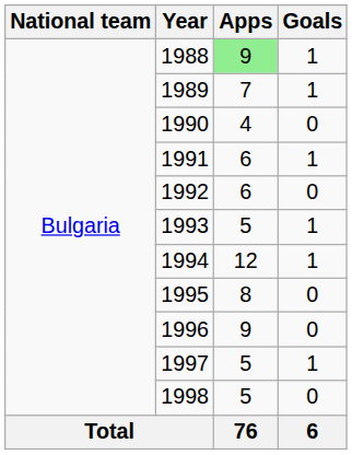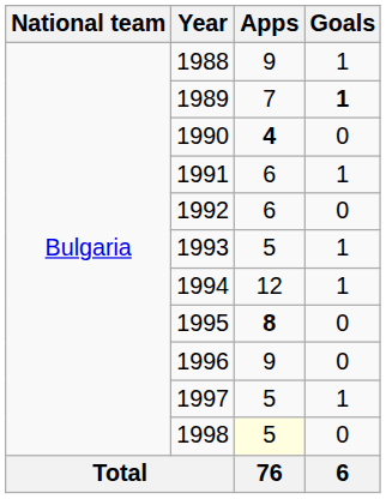 <table class="wikitable" style="text-align:center">
 <tr>
 <th>National team</th>
 <th>Year</th>
 <th>Apps</th>
 <th>Goals</th>
 </tr>
 <tr>
 <td rowspan="11"><a href='#'>Bulgaria</a></td>
 <td>1988</td>
-<td style="background: lightgreen;">9</td>
+<td>9</td>
 <td>1</td>
 </tr>
 <tr>
 <td>1989</td>
 <td>7</td>
-<td>1</td>
+<td><strong>1</strong></td>
 </tr>
 <tr>
 <td>1990</td>
-<td>4</td>
+<td><strong>4</strong></td>
 <td>0</td>
 </tr>
 <tr>
 <td>1991</td>
 <td>6</td>
 <td>1</td>
 </tr>
 <tr>
 <td>1992</td>
 <td>6</td>
 <td>0</td>
 </tr>
 <tr>
 <td>1993</td>
 <td>5</td>
 <td>1</td>
 </tr>
 <tr>
 <td>1994</td>
 <td>12</td>
 <td>1</td>
 </tr>
 <tr>
 <td>1995</td>
-<td>8</td>
+<td><strong>8</strong></td>
 <td>0</td>
 </tr>
 <tr>
 <td>1996</td>
 <td>9</td>
 <td>0</td>
 </tr>
 <tr>
 <td>1997</td>
 <td>5</td>
 <td>1</td>
 </tr>
 <tr>
 <td>1998</td>
-<td>5</td>
+<td style="background: lightyellow;">5</td>
 <td>0</td>
 </tr>
 <tr>
 <th colspan="2">Total</th>
 <th>76</th>
 <th>6</th>
 </tr>
 </table>
